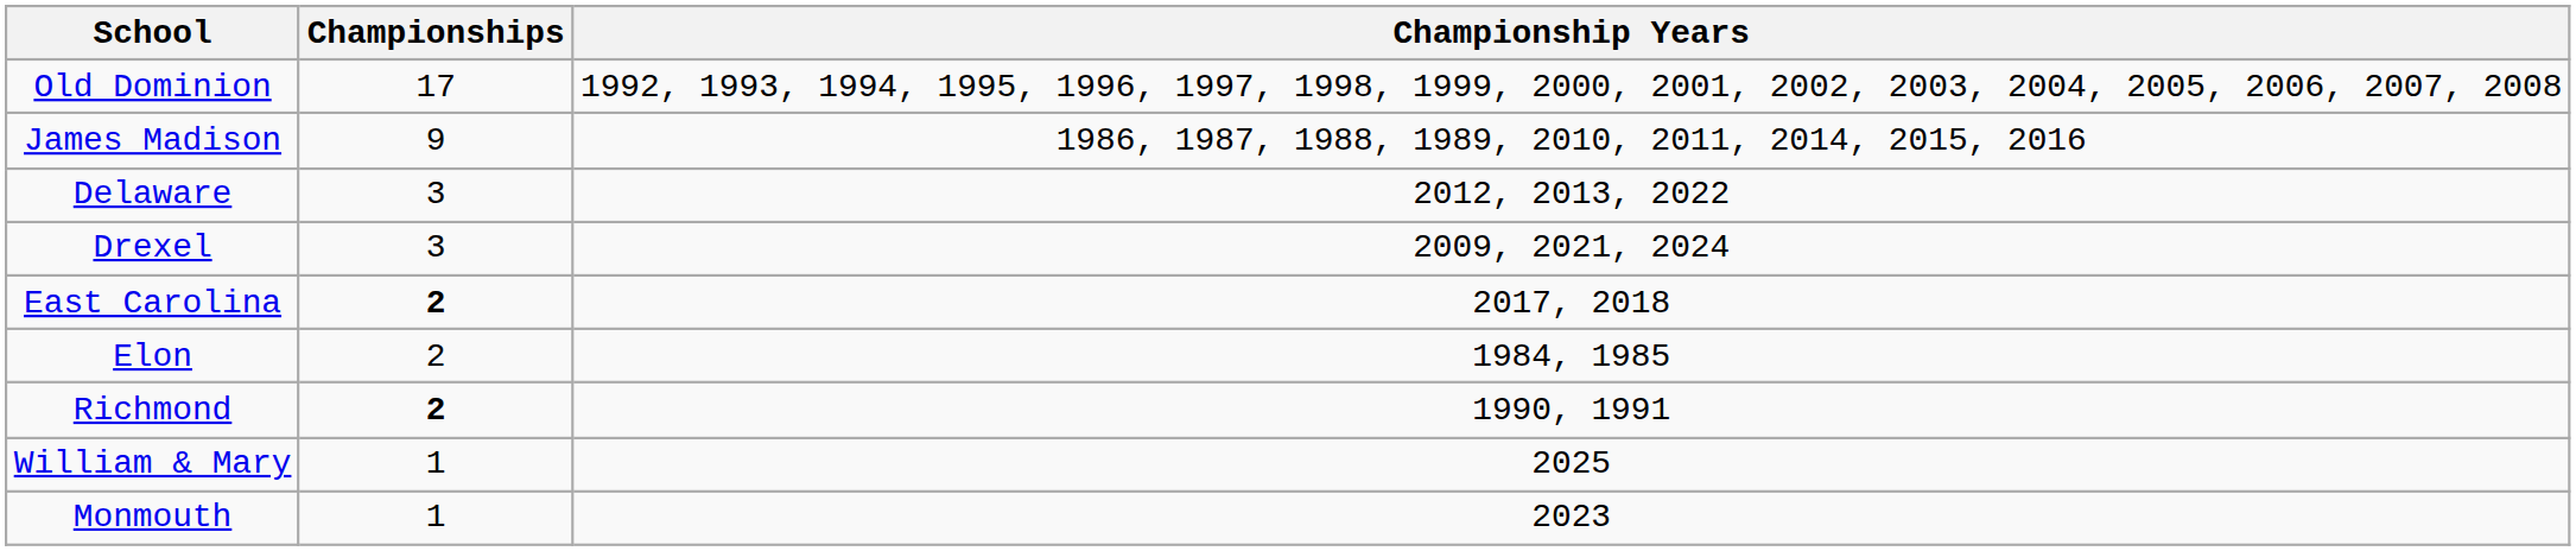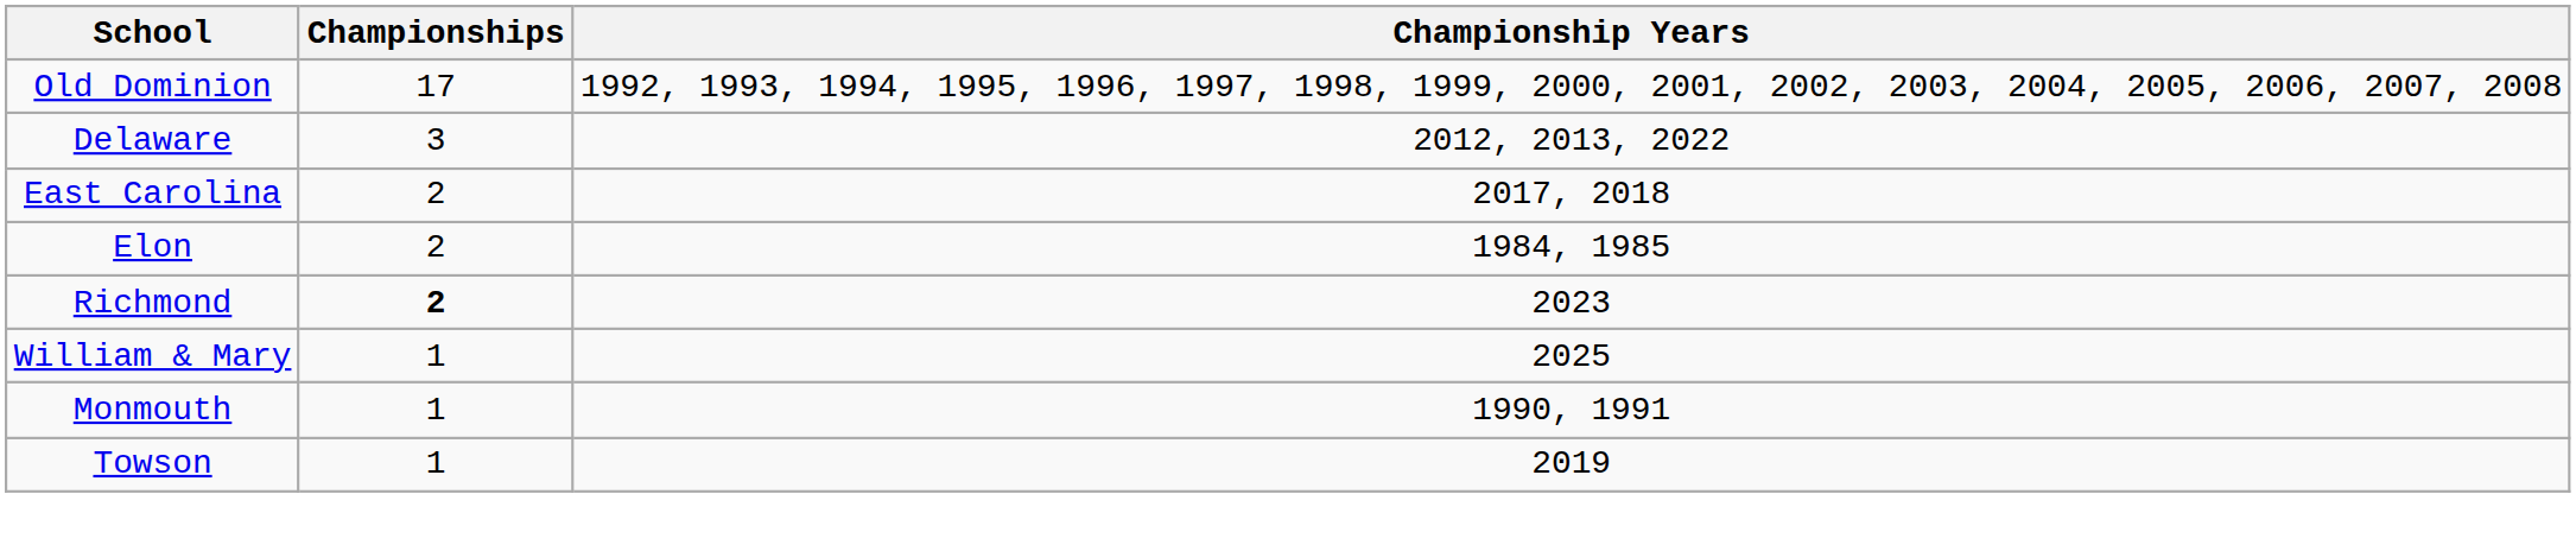 <table class="wikitable sortable" style="text-align:center">
 <tr>
 <th width=px>School</th>
 <th width=px>Championships</th>
 <th width=px>Championship Years</th>
 </tr>
 <tr>
 <td><a href='#'>Old Dominion</a></td>
 <td>17</td>
 <td>1992, 1993, 1994, 1995, 1996, 1997, 1998, 1999, 2000, 2001, 2002, 2003, 2004, 2005, 2006, 2007, 2008</td>
 </tr>
 <tr>
-<td><a href='#'>James Madison</a></td>
-<td>9</td>
-<td>1986, 1987, 1988, 1989, 2010, 2011, 2014, 2015, 2016</td>
-</tr>
-<tr>
 <td><a href='#'>Delaware</a></td>
 <td>3</td>
 <td>2012, 2013, 2022</td>
 </tr>
 <tr>
-<td><a href='#'>Drexel</a></td>
-<td>3</td>
-<td>2009, 2021, 2024</td>
-</tr>
-<tr>
 <td><a href='#'>East Carolina</a></td>
-<td><strong>2</strong></td>
+<td>2</td>
 <td>2017, 2018</td>
 </tr>
 <tr>
 <td><a href='#'>Elon</a></td>
 <td>2</td>
 <td>1984, 1985</td>
 </tr>
 <tr>
 <td><a href='#'>Richmond</a></td>
 <td><strong>2</strong></td>
-<td>1990, 1991</td>
+<td>2023</td>
 </tr>
 <tr>
 <td><a href='#'>William & Mary</a></td>
 <td>1</td>
 <td>2025</td>
 </tr>
 <tr>
 <td><a href='#'>Monmouth</a></td>
 <td>1</td>
-<td>2023</td>
+<td>1990, 1991</td>
+</tr>
+<tr>
+<td><a href='#'>Towson</a></td>
+<td>1</td>
+<td>2019</td>
 </tr>
 </table>
